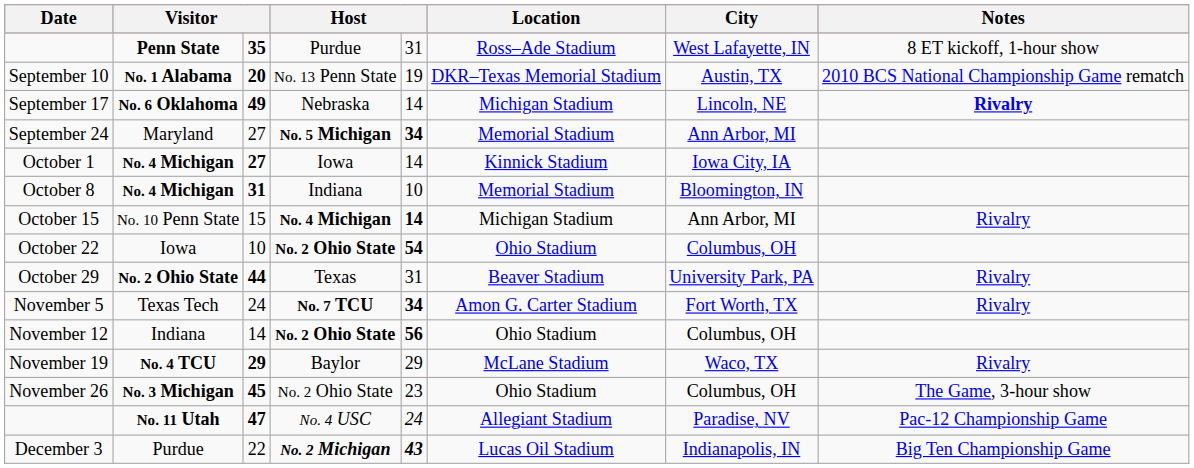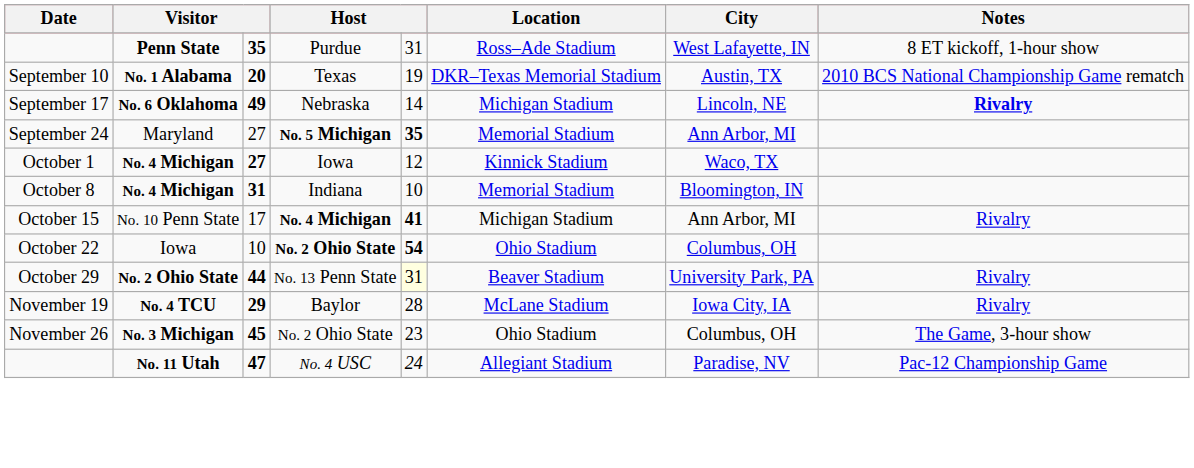 <table class="wikitable" style="text-align:center">
 <tr style="background:#A32638;"|>
 <th>Date</th>
 <th colspan=2>Visitor</th>
 <th colspan=2>Host</th>
 <th>Location</th>
 <th>City</th>
 <th>Notes</th>
 </tr>
 <tr>
 <td></td>
 <td><strong>Penn State</strong></td>
 <td><strong>35</strong></td>
 <td>Purdue</td>
 <td>31</td>
 <td><a href='#'>Ross–Ade Stadium</a></td>
 <td><a href='#'>West Lafayette, IN</a></td>
 <td>8 ET kickoff, 1-hour show</td>
 </tr>
 <tr>
 <td>September 10</td>
 <td><strong><small>No. 1</small> Alabama</strong></td>
 <td><strong>20</strong></td>
-<td><small> No. 13</small> Penn State</td>
+<td>Texas</td>
 <td>19</td>
 <td><a href='#'>DKR–Texas Memorial Stadium</a></td>
 <td><a href='#'>Austin, TX</a></td>
 <td><a href='#'>2010 BCS National Championship Game</a> rematch</td>
 </tr>
 <tr>
 <td>September 17</td>
 <td><strong><small>No. 6</small> Oklahoma</strong></td>
 <td><strong>49</strong></td>
 <td>Nebraska</td>
 <td>14</td>
 <td><a href='#'>Michigan Stadium</a></td>
 <td><a href='#'>Lincoln, NE</a></td>
 <td><strong><a href='#'>Rivalry</a></strong></td>
 </tr>
 <tr>
 <td>September 24</td>
 <td>Maryland</td>
 <td>27</td>
 <td><strong><small>No. 5</small> Michigan</strong></td>
-<td><strong>34</strong></td>
+<td><strong>35</strong></td>
 <td><a href='#'>Memorial Stadium</a></td>
 <td><a href='#'>Ann Arbor, MI</a></td>
 <td></td>
 </tr>
 <tr>
 <td>October 1</td>
 <td><strong><small>No. 4</small> Michigan</strong></td>
 <td><strong>27</strong></td>
 <td>Iowa</td>
-<td>14</td>
+<td>12</td>
 <td><a href='#'>Kinnick Stadium</a></td>
-<td><a href='#'>Iowa City, IA</a></td>
+<td><a href='#'>Waco, TX</a></td>
 <td></td>
 </tr>
 <tr>
 <td>October 8</td>
 <td><strong><small>No. 4</small> Michigan</strong></td>
 <td><strong>31</strong></td>
 <td>Indiana</td>
 <td>10</td>
 <td><a href='#'>Memorial Stadium</a></td>
 <td><a href='#'>Bloomington, IN</a></td>
 <td></td>
 </tr>
 <tr>
 <td>October 15</td>
 <td><small>No. 10</small> Penn State</td>
-<td>15</td>
+<td>17</td>
 <td><strong><small>No. 4</small> Michigan</strong></td>
-<td><strong>14</strong></td>
+<td><strong>41</strong></td>
 <td>Michigan Stadium</td>
 <td>Ann Arbor, MI</td>
 <td><a href='#'>Rivalry</a></td>
 </tr>
 <tr>
 <td>October 22</td>
 <td>Iowa</td>
 <td>10</td>
 <td><strong><small>No. 2</small> Ohio State</strong></td>
 <td><strong>54</strong></td>
 <td><a href='#'>Ohio Stadium</a></td>
 <td><a href='#'>Columbus, OH</a></td>
 <td></td>
 </tr>
 <tr>
 <td>October 29</td>
 <td><strong><small> No. 2</small> Ohio State</strong></td>
 <td><strong>44</strong></td>
-<td>Texas</td>
-<td>31</td>
+<td><small> No. 13</small> Penn State</td>
+<td style="background: lightyellow;">31</td>
 <td><a href='#'>Beaver Stadium</a></td>
 <td><a href='#'>University Park, PA</a></td>
 <td><a href='#'>Rivalry</a></td>
-</tr>
-<tr>
-<td>November 5</td>
-<td>Texas Tech</td>
-<td>24</td>
-<td><strong><small> No. 7</small> TCU</strong></td>
-<td><strong>34</strong></td>
-<td><a href='#'>Amon G. Carter Stadium</a></td>
-<td><a href='#'>Fort Worth, TX</a></td>
-<td><a href='#'>Rivalry</a></td>
-</tr>
-<tr>
-<td>November 12</td>
-<td>Indiana</td>
-<td>14</td>
-<td><strong><small> No. 2</small> Ohio State</strong></td>
-<td><strong>56</strong></td>
-<td>Ohio Stadium</td>
-<td>Columbus, OH</td>
-<td></td>
 </tr>
 <tr>
 <td>November 19</td>
 <td><strong><small> No. 4</small> TCU</strong></td>
 <td><strong>29</strong></td>
 <td>Baylor</td>
-<td>29</td>
+<td>28</td>
 <td><a href='#'>McLane Stadium</a></td>
-<td><a href='#'>Waco, TX</a></td>
+<td><a href='#'>Iowa City, IA</a></td>
 <td><a href='#'>Rivalry</a></td>
 </tr>
 <tr>
 <td>November 26</td>
 <td><strong><small> No. 3</small> Michigan</strong></td>
 <td><strong>45</strong></td>
 <td><small> No. 2</small> Ohio State</td>
 <td>23</td>
 <td>Ohio Stadium</td>
 <td>Columbus, OH</td>
 <td><a href='#'>The Game</a>, 3-hour show</td>
 </tr>
 <tr>
 <td></td>
 <td><strong><small> No. 11</small> Utah</strong></td>
 <td><strong>47</strong></td>
 <td><em><small> No. 4</small> USC</em></td>
 <td><em>24</em></td>
 <td><a href='#'>Allegiant Stadium</a></td>
 <td><a href='#'>Paradise, NV</a></td>
 <td><a href='#'>Pac-12 Championship Game</a></td>
 </tr>
-<tr>
-<td>December 3</td>
-<td>Purdue</td>
-<td>22</td>
-<td><strong><em><small> No. 2</small> Michigan</em></strong></td>
-<td><strong><em>43</em></strong></td>
-<td><a href='#'>Lucas Oil Stadium</a></td>
-<td><a href='#'>Indianapolis, IN</a></td>
-<td><a href='#'>Big Ten Championship Game</a></td>
-</tr>
 </table>
